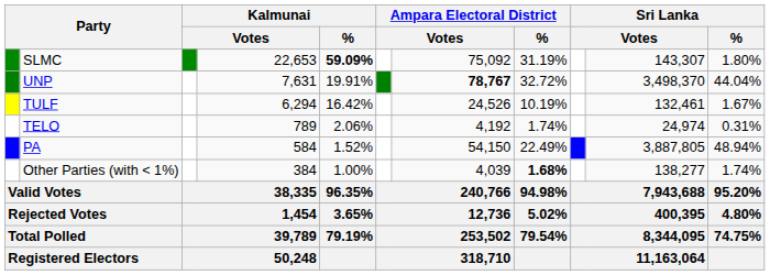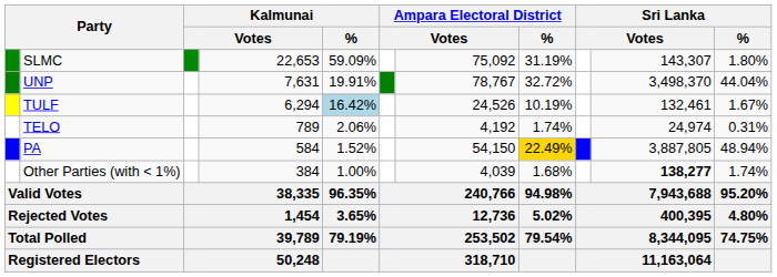 <table class="wikitable">
 <tr>
 <th colspan="2" width="144px"rowspan="2">Party</th>
 <th colspan="3" width="216px">Kalmunai</th>
 <th colspan="3" width="216px"><a href='#'>Ampara Electoral District</a></th>
 <th colspan="3" width="216px">Sri Lanka</th>
 </tr>
 <tr>
 <th colspan="2" width="144px">Votes</th>
 <th>%</th>
 <th colspan="2" width="144px">Votes</th>
 <th>%</th>
 <th colspan="2" width="144px">Votes</th>
 <th>%</th>
 </tr>
 <tr>
 <td style="background-color:#008800;" width="10px"></td>
 <td style="text-align:left;">SLMC</td>
 <td style="background-color:#008800;" width="10px"></td>
 <td style="text-align:right;">22,653</td>
-<td style="text-align:right;"><strong>59.09%</strong></td>
+<td style="text-align:right;">59.09%</td>
 <td style="background-color:white;" width="10px"></td>
 <td style="text-align:right;">75,092</td>
 <td style="text-align:right;">31.19%</td>
 <td style="background-color:white;" width="10px"></td>
 <td style="text-align:right;">143,307</td>
 <td style="text-align:right;">1.80%</td>
 </tr>
 <tr>
 <td style="background-color:green;" width="10px"></td>
 <td style="text-align:left;"><a href='#'>UNP</a></td>
 <td style="background-color:white;" width="10px"></td>
 <td style="text-align:right;">7,631</td>
 <td style="text-align:right;">19.91%</td>
 <td style="background-color:green;" width="10px"></td>
-<td style="text-align:right;"><strong>78,767</strong></td>
+<td style="text-align:right;">78,767</td>
 <td style="text-align:right;">32.72%</td>
 <td style="background-color:white;" width="10px"></td>
 <td style="text-align:right;">3,498,370</td>
 <td style="text-align:right;">44.04%</td>
 </tr>
 <tr>
 <td style="background-color:yellow;" width="10px"></td>
 <td style="text-align:left;"><a href='#'>TULF</a></td>
 <td style="background-color:white;" width="10px"></td>
 <td style="text-align:right;">6,294</td>
-<td style="text-align:right;">16.42%</td>
+<td style="background: lightblue; text-align:right;">16.42%</td>
 <td style="background-color:white;" width="10px"></td>
 <td style="text-align:right;">24,526</td>
 <td style="text-align:right;">10.19%</td>
 <td style="background-color:white;" width="10px"></td>
 <td style="text-align:right;">132,461</td>
 <td style="text-align:right;">1.67%</td>
 </tr>
 <tr>
 <td style="background-color:white;" width="10px"></td>
 <td style="text-align:left;"><a href='#'>TELO</a></td>
 <td style="background-color:white;" width="10px"></td>
 <td style="text-align:right;">789</td>
 <td style="text-align:right;">2.06%</td>
 <td style="background-color:white;" width="10px"></td>
 <td style="text-align:right;">4,192</td>
 <td style="text-align:right;">1.74%</td>
 <td style="background-color:white;" width="10px"></td>
 <td style="text-align:right;">24,974</td>
 <td style="text-align:right;">0.31%</td>
 </tr>
 <tr>
 <td style="background-color:blue;" width="10px"></td>
 <td style="text-align:left;"><a href='#'>PA</a></td>
 <td style="background-color:white;" width="10px"></td>
 <td style="text-align:right;">584</td>
 <td style="text-align:right;">1.52%</td>
 <td style="background-color:white;" width="10px"></td>
 <td style="text-align:right;">54,150</td>
-<td style="text-align:right;">22.49%</td>
+<td style="background: gold; text-align:right;">22.49%</td>
 <td style="background-color:blue;" width="10px"></td>
 <td style="text-align:right;">3,887,805</td>
 <td style="text-align:right;">48.94%</td>
 </tr>
 <tr>
 <td style="background-color:white;" width="10px"></td>
 <td style="text-align:left;">Other Parties (with < 1%)</td>
 <td style="background-color:white;" width="10px"></td>
 <td style="text-align:right;">384</td>
 <td style="text-align:right;">1.00%</td>
 <td style="background-color:white;" width="10px"></td>
 <td style="text-align:right;">4,039</td>
-<td style="text-align:right;"><strong>1.68%</strong></td>
+<td style="text-align:right;">1.68%</td>
 <td style="background-color:white;" width="10px"></td>
-<td style="text-align:right;">138,277</td>
+<td style="text-align:right;"><strong>138,277</strong></td>
 <td style="text-align:right;">1.74%</td>
 </tr>
 <tr>
 <th colspan="2" width="144px"style="text-align:left;">Valid Votes</th>
 <th style="text-align:right;"colspan="2" width="144px">38,335</th>
 <th style="text-align:right;">96.35%</th>
 <th style="text-align:right;"colspan="2" width="144px">240,766</th>
 <th style="text-align:right;">94.98%</th>
 <th style="text-align:right;"colspan="2" width="144px">7,943,688</th>
 <th style="text-align:right;">95.20%</th>
 </tr>
 <tr>
 <th colspan="2" width="144px"style="text-align:left;">Rejected Votes</th>
 <th style="text-align:right;"colspan="2" width="144px">1,454</th>
 <th style="text-align:right;">3.65%</th>
 <th style="text-align:right;"colspan="2" width="144px">12,736</th>
 <th style="text-align:right;">5.02%</th>
 <th style="text-align:right;"colspan="2" width="144px">400,395</th>
 <th style="text-align:right;">4.80%</th>
 </tr>
 <tr>
 <th colspan="2" width="144px"style="text-align:left;">Total Polled</th>
 <th style="text-align:right;"colspan="2" width="144px">39,789</th>
 <th style="text-align:right;">79.19%</th>
 <th style="text-align:right;"colspan="2" width="144px">253,502</th>
 <th style="text-align:right;">79.54%</th>
 <th style="text-align:right;"colspan="2" width="144px">8,344,095</th>
 <th style="text-align:right;">74.75%</th>
 </tr>
 <tr>
 <th colspan="2" width="144px"style="text-align:left;">Registered Electors</th>
 <th style="text-align:right;"colspan="2" width="144px">50,248</th>
 <th></th>
 <th style="text-align:right;"colspan="2" width="144px">318,710</th>
 <th></th>
 <th style="text-align:right;"colspan="2" width="144px">11,163,064</th>
 <th></th>
 </tr>
 </table>
